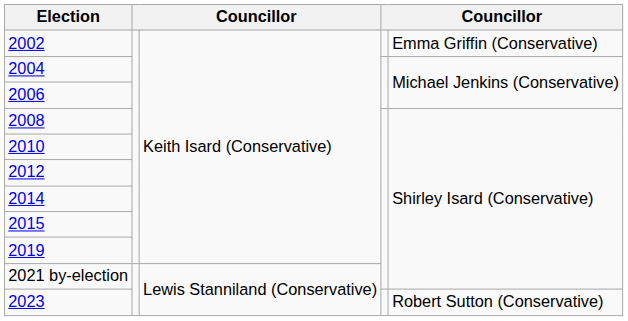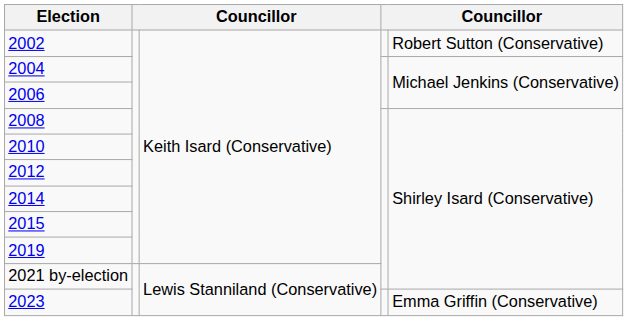 <table class="wikitable">
 <tr>
 <th>Election</th>
 <th colspan="2">Councillor</th>
 <th colspan="2">Councillor</th>
 </tr>
 <tr>
 <td><a href='#'>2002</a></td>
 <td rowspan="9" style="background-color: "></td>
 <td rowspan="9">Keith Isard (Conservative)</td>
 <td style="background-color: "></td>
-<td>Emma Griffin (Conservative)</td>
+<td>Robert Sutton (Conservative)</td>
 </tr>
 <tr>
 <td><a href='#'>2004</a></td>
 <td rowspan="2" style="background-color: "></td>
 <td rowspan="2">Michael Jenkins (Conservative)</td>
 </tr>
 <tr>
 <td><a href='#'>2006</a></td>
 </tr>
 <tr>
 <td><a href='#'>2008</a></td>
 <td rowspan="7" style="background-color: "></td>
 <td rowspan="7">Shirley Isard (Conservative)</td>
 </tr>
 <tr>
 <td><a href='#'>2010</a></td>
 </tr>
 <tr>
 <td><a href='#'>2012</a></td>
 </tr>
 <tr>
 <td><a href='#'>2014</a></td>
 </tr>
 <tr>
 <td><a href='#'>2015</a></td>
 </tr>
 <tr>
 <td><a href='#'>2019</a></td>
 </tr>
 <tr>
 <td>2021 by-election</td>
 <td rowspan="2" style="background-color: "></td>
 <td rowspan="2">Lewis Stanniland (Conservative)</td>
 </tr>
 <tr>
 <td><a href='#'>2023</a></td>
 <td style="background-color: "></td>
-<td>Robert Sutton (Conservative)</td>
+<td>Emma Griffin (Conservative)</td>
 </tr>
 </table>
